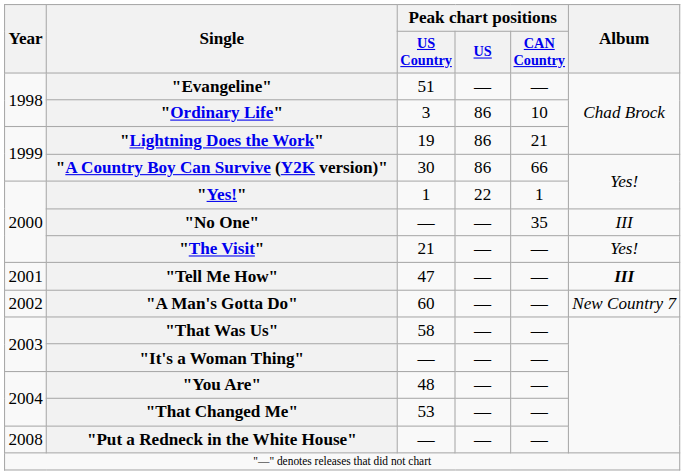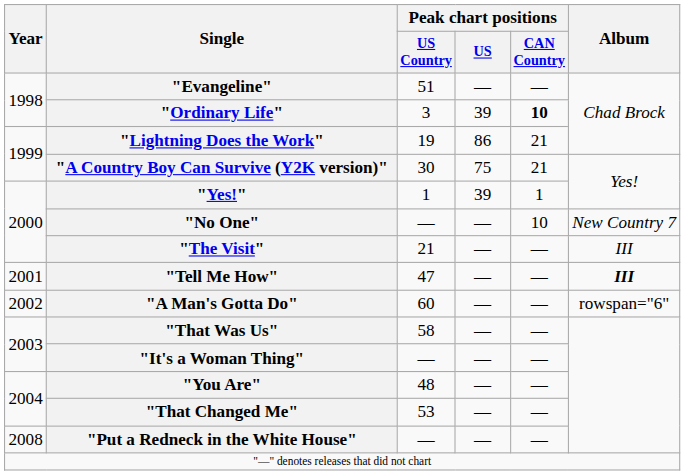 <table class="wikitable plainrowheaders" style="text-align:center;">
 <tr>
 <th rowspan="2">Year</th>
 <th rowspan="2" style="width:20em;">Single</th>
 <th colspan="3">Peak chart positions</th>
 <th rowspan="2">Album</th>
 </tr>
 <tr style="font-size:smaller;">
 <th width="45"><a href='#'>US Country</a><br></th>
 <th width="45"><a href='#'>US</a><br></th>
 <th width="45"><a href='#'>CAN Country</a><br></th>
 </tr>
 <tr>
 <td rowspan="2">1998</td>
 <th scope="row">"Evangeline"</th>
 <td>51</td>
 <td>—</td>
 <td>—</td>
 <td rowspan="3"><em>Chad Brock</em></td>
 </tr>
 <tr>
 <th scope="row">"<a href='#'>Ordinary Life</a>"</th>
 <td>3</td>
-<td>86</td>
-<td>10</td>
+<td>39</td>
+<td><strong>10</strong></td>
 </tr>
 <tr>
 <td rowspan="2">1999</td>
 <th scope="row">"<a href='#'>Lightning Does the Work</a>"</th>
 <td>19</td>
 <td>86</td>
 <td>21</td>
 </tr>
 <tr>
 <th scope="row">"<a href='#'>A Country Boy Can Survive</a> (<a href='#'>Y2K</a> version)"<br></th>
 <td>30</td>
-<td>86</td>
-<td>66</td>
+<td>75</td>
+<td>21</td>
 <td rowspan="2"><em>Yes!</em></td>
 </tr>
 <tr>
 <td rowspan="3">2000</td>
 <th scope="row">"<a href='#'>Yes!</a>"</th>
 <td>1</td>
-<td>22</td>
+<td>39</td>
 <td>1</td>
 </tr>
 <tr>
 <th scope="row">"No One" </th>
 <td>—</td>
 <td>—</td>
-<td>35</td>
-<td><em>III</em></td>
+<td>10</td>
+<td><em>New Country 7</em></td>
 </tr>
 <tr>
 <th scope="row">"<a href='#'>The Visit</a>"</th>
 <td>21</td>
 <td>—</td>
 <td>—</td>
-<td><em>Yes!</em></td>
+<td><em>III</em></td>
 </tr>
 <tr>
 <td>2001</td>
 <th scope="row">"Tell Me How"</th>
 <td>47</td>
 <td>—</td>
 <td>—</td>
 <td><strong><em>III</em></strong></td>
 </tr>
 <tr>
 <td>2002</td>
 <th scope="row">"A Man's Gotta Do"</th>
 <td>60</td>
 <td>—</td>
 <td>—</td>
-<td><em>New Country 7</em></td>
+<td>rowspan="6" </td>
 </tr>
 <tr>
 <td rowspan="2">2003</td>
 <th scope="row">"That Was Us"</th>
 <td>58</td>
 <td>—</td>
 <td>—</td>
 </tr>
 <tr>
 <th scope="row">"It's a Woman Thing"</th>
 <td>—</td>
 <td>—</td>
 <td>—</td>
 </tr>
 <tr>
 <td rowspan="2">2004</td>
 <th scope="row">"You Are"</th>
 <td>48</td>
 <td>—</td>
 <td>—</td>
 </tr>
 <tr>
 <th scope="row">"That Changed Me"</th>
 <td>53</td>
 <td>—</td>
 <td>—</td>
 </tr>
 <tr>
 <td>2008</td>
 <th scope="row">"Put a Redneck in the White House"</th>
 <td>—</td>
 <td>—</td>
 <td>—</td>
 </tr>
 <tr>
 <td colspan="6" style="font-size:8pt">"—" denotes releases that did not chart</td>
 </tr>
 </table>
